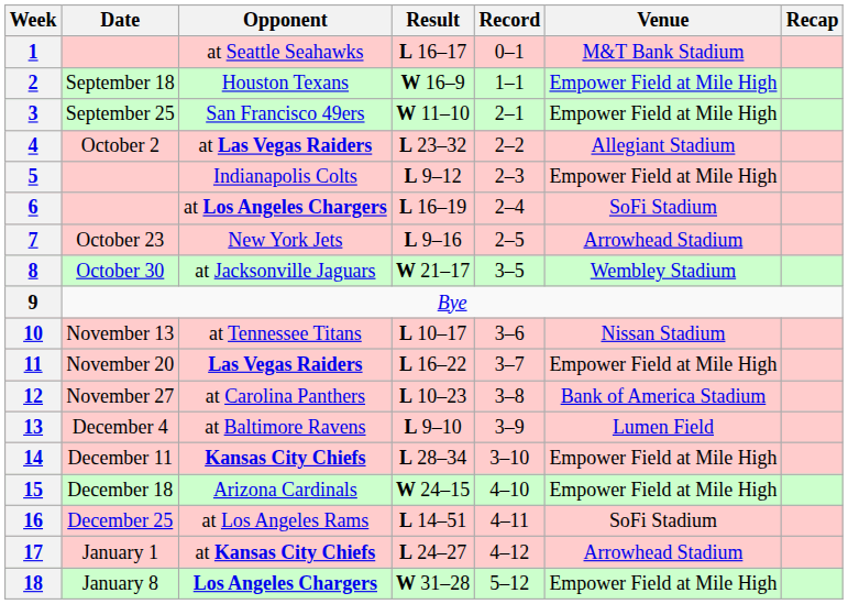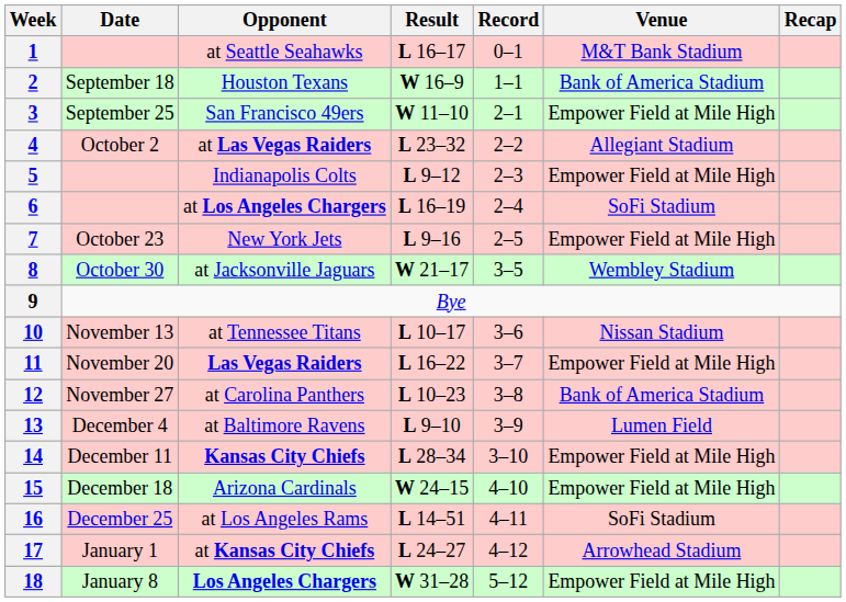 <table class="wikitable" style="text-align:center">
 <tr>
 <th>Week</th>
 <th>Date</th>
 <th>Opponent</th>
 <th>Result</th>
 <th>Record</th>
 <th>Venue</th>
 <th>Recap</th>
 </tr>
 <tr style="background:#fcc">
 <th><a href='#'>1</a></th>
 <td></td>
 <td>at <a href='#'>Seattle Seahawks</a></td>
 <td><strong>L</strong> 16–17</td>
 <td>0–1</td>
 <td><a href='#'>M&T Bank Stadium</a></td>
 <td></td>
 </tr>
 <tr style="background:#cfc">
 <th><a href='#'>2</a></th>
 <td>September 18</td>
 <td><a href='#'>Houston Texans</a></td>
 <td><strong>W</strong> 16–9</td>
 <td>1–1</td>
-<td><a href='#'>Empower Field at Mile High</a></td>
+<td><a href='#'>Bank of America Stadium</a></td>
 <td></td>
 </tr>
 <tr style="background:#cfc">
 <th><a href='#'>3</a></th>
 <td>September 25</td>
 <td><a href='#'>San Francisco 49ers</a></td>
 <td><strong>W</strong> 11–10</td>
 <td>2–1</td>
 <td>Empower Field at Mile High</td>
 <td></td>
 </tr>
 <tr style="background:#fcc">
 <th><a href='#'>4</a></th>
 <td>October 2</td>
 <td>at <strong><a href='#'>Las Vegas Raiders</a></strong></td>
 <td><strong>L</strong> 23–32</td>
 <td>2–2</td>
 <td><a href='#'>Allegiant Stadium</a></td>
 <td></td>
 </tr>
 <tr style="background:#fcc">
 <th><a href='#'>5</a></th>
 <td></td>
 <td><a href='#'>Indianapolis Colts</a></td>
 <td><strong>L</strong> 9–12 </td>
 <td>2–3</td>
 <td>Empower Field at Mile High</td>
 <td></td>
 </tr>
 <tr style="background:#fcc">
 <th><a href='#'>6</a></th>
 <td></td>
 <td>at <strong><a href='#'>Los Angeles Chargers</a></strong></td>
 <td><strong>L</strong> 16–19 </td>
 <td>2–4</td>
 <td><a href='#'>SoFi Stadium</a></td>
 <td></td>
 </tr>
 <tr style="background:#fcc">
 <th><a href='#'>7</a></th>
 <td>October 23</td>
 <td><a href='#'>New York Jets</a></td>
 <td><strong>L</strong> 9–16</td>
 <td>2–5</td>
-<td><a href='#'>Arrowhead Stadium</a></td>
+<td>Empower Field at Mile High</td>
 <td></td>
 </tr>
 <tr style="background:#cfc">
 <th><a href='#'>8</a></th>
 <td><a href='#'>October 30</a></td>
 <td>at <a href='#'>Jacksonville Jaguars</a></td>
 <td><strong>W</strong> 21–17</td>
 <td>3–5</td>
 <td> <a href='#'>Wembley Stadium</a> </td>
 <td></td>
 </tr>
 <tr>
 <th>9</th>
 <td colspan="6"><em><a href='#'>Bye</a></em></td>
 </tr>
 <tr style="background:#fcc">
 <th><a href='#'>10</a></th>
 <td>November 13</td>
 <td>at <a href='#'>Tennessee Titans</a></td>
 <td><strong>L</strong> 10–17</td>
 <td>3–6</td>
 <td><a href='#'>Nissan Stadium</a></td>
 <td></td>
 </tr>
 <tr style="background:#fcc">
 <th><a href='#'>11</a></th>
 <td>November 20</td>
 <td><strong><a href='#'>Las Vegas Raiders</a></strong></td>
 <td><strong>L</strong> 16–22 </td>
 <td>3–7</td>
 <td>Empower Field at Mile High</td>
 <td></td>
 </tr>
 <tr style="background:#fcc">
 <th><a href='#'>12</a></th>
 <td>November 27</td>
 <td>at <a href='#'>Carolina Panthers</a></td>
 <td><strong>L</strong> 10–23</td>
 <td>3–8</td>
 <td><a href='#'>Bank of America Stadium</a></td>
 <td></td>
 </tr>
 <tr style="background:#fcc">
 <th><a href='#'>13</a></th>
 <td>December 4</td>
 <td>at <a href='#'>Baltimore Ravens</a></td>
 <td><strong>L</strong> 9–10</td>
 <td>3–9</td>
 <td><a href='#'>Lumen Field</a></td>
 <td></td>
 </tr>
 <tr style="background:#fcc">
 <th><a href='#'>14</a></th>
 <td>December 11</td>
 <td><strong><a href='#'>Kansas City Chiefs</a></strong></td>
 <td><strong>L</strong> 28–34</td>
 <td>3–10</td>
 <td>Empower Field at Mile High</td>
 <td></td>
 </tr>
 <tr style="background:#cfc">
 <th><a href='#'>15</a></th>
 <td>December 18</td>
 <td><a href='#'>Arizona Cardinals</a></td>
 <td><strong>W</strong> 24–15</td>
 <td>4–10</td>
 <td>Empower Field at Mile High</td>
 <td></td>
 </tr>
 <tr style="background:#fcc">
 <th><a href='#'>16</a></th>
 <td><a href='#'>December 25</a></td>
 <td>at <a href='#'>Los Angeles Rams</a></td>
 <td><strong>L</strong> 14–51</td>
 <td>4–11</td>
 <td>SoFi Stadium</td>
 <td></td>
 </tr>
 <tr style="background:#fcc">
 <th><a href='#'>17</a></th>
 <td>January 1</td>
 <td>at <strong><a href='#'>Kansas City Chiefs</a></strong></td>
 <td><strong>L</strong> 24–27</td>
 <td>4–12</td>
 <td><a href='#'>Arrowhead Stadium</a></td>
 <td></td>
 </tr>
 <tr style="background:#cfc">
 <th><a href='#'>18</a></th>
 <td>January 8</td>
 <td><strong><a href='#'>Los Angeles Chargers</a></strong></td>
 <td><strong>W</strong> 31–28</td>
 <td>5–12</td>
 <td>Empower Field at Mile High</td>
 <td></td>
 </tr>
 </table>
